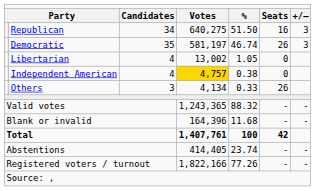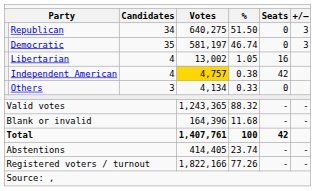 <table class="wikitable">
 <tr>
 <td colspan=15 align=center></td>
 </tr>
 <tr>
 <th colspan="2">Party</th>
 <th>Candidates</th>
 <th>Votes</th>
 <th>%</th>
 <th>Seats</th>
 <th>+/–</th>
 </tr>
 <tr>
 <th style="background-color:"></th>
 <td><a href='#'>Republican</a></td>
 <td align="right">34</td>
 <td align="right">640,275</td>
 <td align="right">51.50</td>
-<td align="right">16</td>
+<td align="right">0</td>
 <td align="right"> 3</td>
 </tr>
 <tr>
 <th style="background-color:"></th>
 <td><a href='#'>Democratic</a></td>
 <td align="right">35</td>
 <td align="right">581,197</td>
 <td align="right">46.74</td>
-<td align="right">26</td>
+<td align="right">0</td>
 <td align="right"> 3</td>
 </tr>
 <tr>
 <th style="background-color:"></th>
 <td><a href='#'>Libertarian</a></td>
 <td align="right">4</td>
 <td align="right">13,002</td>
 <td align="right">1.05</td>
-<td align="right">0</td>
+<td align="right">16</td>
 <td align="right"></td>
 </tr>
 <tr>
 <th style="background-color:"></th>
 <td><a href='#'>Independent American</a></td>
 <td align="right">4</td>
 <td align="right" style="background: gold;">4,757</td>
 <td align="right">0.38</td>
-<td align="right">0</td>
+<td align="right">42</td>
 <td align="right"></td>
 </tr>
 <tr>
 <th style="background-color:"></th>
 <td><a href='#'>Others</a></td>
 <td align="right">3</td>
 <td align="right">4,134</td>
 <td align="right">0.33</td>
-<td align="right">26</td>
+<td align="right">0</td>
 <td align="right"></td>
 </tr>
 <tr>
 <td colspan=10 bgcolor=#eeeeee></td>
 </tr>
 <tr>
 <td colspan="3" align="left">Valid votes</td>
 <td align="right">1,243,365</td>
 <td align="right">88.32</td>
 <td align="right">-</td>
 <td align="right">-</td>
 </tr>
 <tr>
 <td colspan="3" align="left">Blank or invalid</td>
 <td align="right">164,396</td>
 <td align="right">11.68</td>
 <td align="right">-</td>
 <td align="right">-</td>
 </tr>
 <tr style=font-weight:bold>
 <td colspan="3" align="left">Total</td>
 <td align="right">1,407,761</td>
 <td align="right">100</td>
 <td align="right">42</td>
 <td align="right"></td>
 </tr>
 <tr>
 <td colspan="3" align="left">Abstentions</td>
 <td align="right">414,405</td>
 <td align="right">23.74</td>
 <td align="right">-</td>
 <td align="right">-</td>
 </tr>
 <tr>
 <td colspan="3" align="left">Registered voters / turnout</td>
 <td align="right">1,822,166</td>
 <td align="right">77.26</td>
 <td align="right">-</td>
 <td align="right">-</td>
 </tr>
 <tr>
 <td colspan="10">Source: , </td>
 </tr>
 </table>
